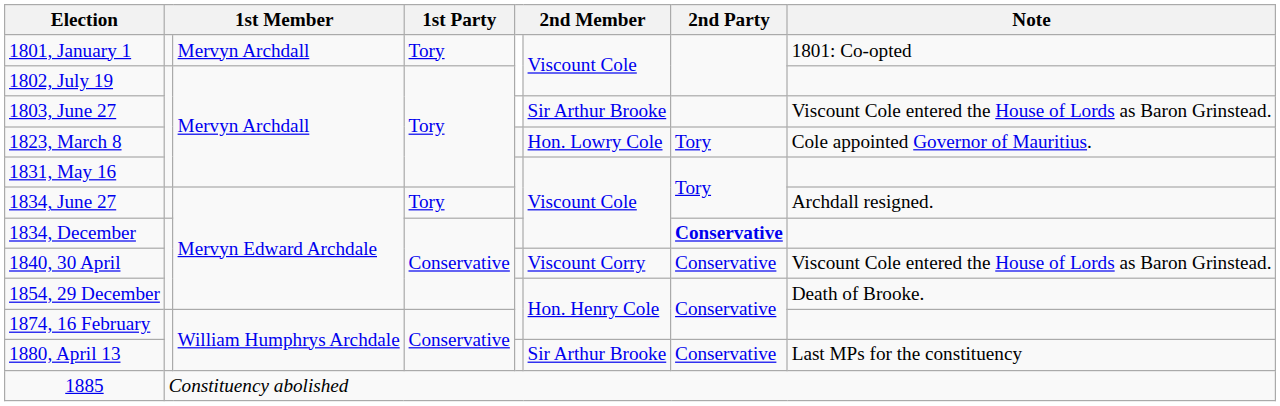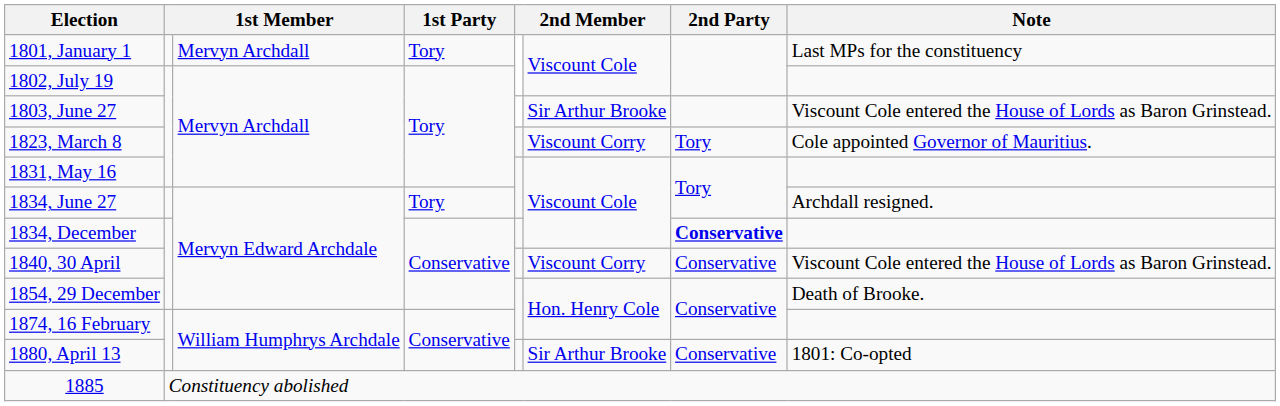 <table class="wikitable">
 <tr>
 <th>Election</th>
 <th colspan="2">1st Member</th>
 <th>1st Party</th>
 <th colspan="2">2nd Member</th>
 <th>2nd Party</th>
 <th>Note</th>
 </tr>
 <tr>
 <td><a href='#'>1801, January 1</a></td>
 <td style="color:inherit;background-color: "></td>
 <td><a href='#'>Mervyn Archdall</a></td>
 <td><a href='#'>Tory</a></td>
 <td rowspan="2" style="color:inherit;background-color: white"></td>
 <td rowspan="2"><a href='#'>Viscount Cole</a></td>
 <td rowspan="2"></td>
-<td>1801: Co-opted</td>
+<td>Last MPs for the constituency</td>
 </tr>
 <tr>
 <td><a href='#'>1802, July 19</a></td>
 <td rowspan="4" style="color:inherit;background-color: "></td>
 <td rowspan="4"><a href='#'>Mervyn Archdall</a></td>
 <td rowspan="4"><a href='#'>Tory</a></td>
 <td></td>
 </tr>
 <tr>
 <td><a href='#'>1803, June 27</a></td>
 <td style="color:inherit;background-color: white"></td>
 <td><a href='#'>Sir Arthur Brooke</a></td>
 <td></td>
 <td>Viscount Cole entered the <a href='#'>House of Lords</a> as Baron Grinstead.</td>
 </tr>
 <tr>
 <td><a href='#'>1823, March 8</a></td>
 <td style="color:inherit;background-color: "></td>
-<td><a href='#'>Hon. Lowry Cole</a></td>
+<td><a href='#'>Viscount Corry</a></td>
 <td><a href='#'>Tory</a></td>
 <td>Cole appointed <a href='#'>Governor of Mauritius</a>.</td>
 </tr>
 <tr>
 <td><a href='#'>1831, May 16</a></td>
 <td rowspan="2" style="color:inherit;background-color: "></td>
 <td rowspan="3"><a href='#'>Viscount Cole</a></td>
 <td rowspan="2"><a href='#'>Tory</a></td>
 <td></td>
 </tr>
 <tr>
 <td><a href='#'>1834, June 27</a></td>
 <td style="color:inherit;background-color: "></td>
 <td rowspan="4"><a href='#'>Mervyn Edward Archdale</a></td>
 <td><a href='#'>Tory</a></td>
 <td>Archdall resigned.</td>
 </tr>
 <tr>
 <td><a href='#'>1834, December</a></td>
 <td rowspan="3" style="color:inherit;background-color: "></td>
 <td rowspan="3"><a href='#'>Conservative</a></td>
 <td style="color:inherit;background-color: "></td>
 <td><strong><a href='#'>Conservative</a></strong></td>
 <td></td>
 </tr>
 <tr>
 <td><a href='#'>1840, 30 April</a></td>
 <td style="color:inherit;background-color: "></td>
 <td><a href='#'>Viscount Corry</a></td>
 <td><a href='#'>Conservative</a></td>
 <td>Viscount Cole entered the <a href='#'>House of Lords</a> as Baron Grinstead.</td>
 </tr>
 <tr>
 <td><a href='#'>1854, 29 December</a></td>
 <td rowspan="2" style="color:inherit;background-color: "></td>
 <td rowspan="2"><a href='#'>Hon. Henry Cole</a></td>
 <td rowspan="2"><a href='#'>Conservative</a></td>
 <td>Death of Brooke.</td>
 </tr>
 <tr>
 <td><a href='#'>1874, 16 February</a></td>
 <td rowspan="2" style="color:inherit;background-color: "></td>
 <td rowspan="2"><a href='#'>William Humphrys Archdale</a></td>
 <td rowspan="2"><a href='#'>Conservative</a></td>
 <td></td>
 </tr>
 <tr>
 <td><a href='#'>1880, April 13</a></td>
 <td style="color:inherit;background-color: "></td>
 <td><a href='#'>Sir Arthur Brooke</a></td>
 <td><a href='#'>Conservative</a></td>
-<td>Last MPs for the constituency</td>
+<td>1801: Co-opted</td>
 </tr>
 <tr>
 <td align="center"><a href='#'>1885</a></td>
 <td colspan="7"><em>Constituency abolished</em></td>
 </tr>
 </table>
